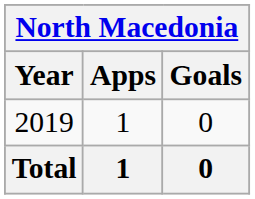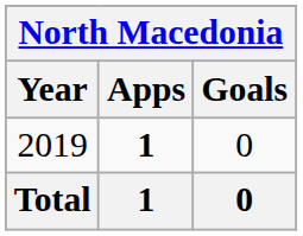 <table class="wikitable" style="text-align:center">
 <tr>
 <th colspan=3><a href='#'>North Macedonia</a></th>
 </tr>
 <tr>
 <th>Year</th>
 <th>Apps</th>
 <th>Goals</th>
 </tr>
 <tr>
 <td>2019</td>
-<td>1</td>
+<td><strong>1</strong></td>
 <td>0</td>
 </tr>
 <tr>
 <th>Total</th>
 <th>1</th>
 <th>0</th>
 </tr>
 </table>
